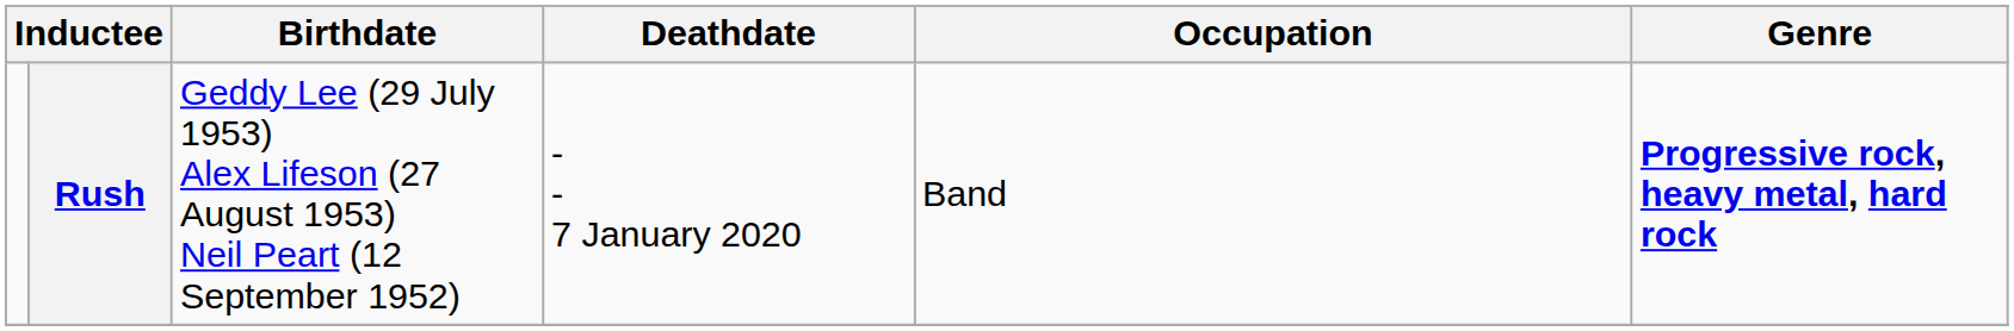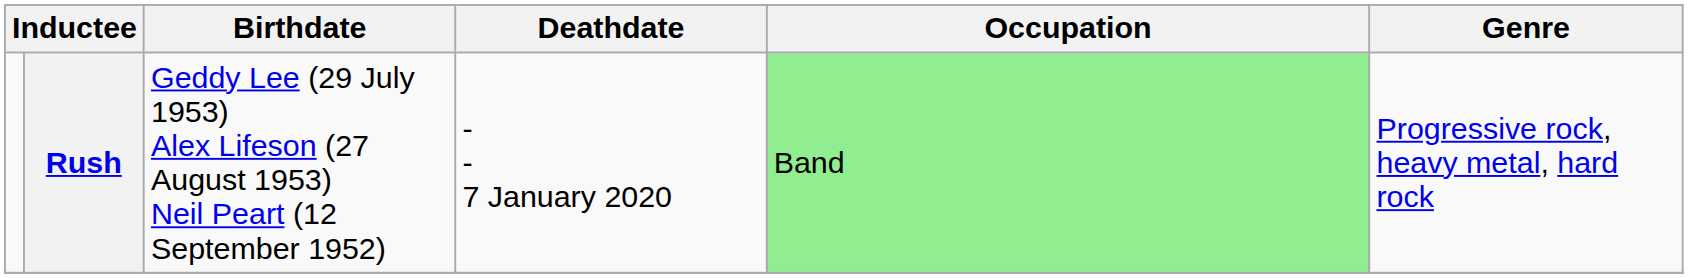 <table class="wikitable" width="100%">
 <tr>
 <th colspan=2>Inductee</th>
 <th width="20%">Birthdate</th>
 <th width="20%">Deathdate</th>
 <th width="40%">Occupation</th>
 <th width="40%">Genre</th>
 </tr>
 <tr>
 <td></td>
 <th><a href='#'>Rush</a></th>
 <td><a href='#'>Geddy Lee</a> (29 July 1953) <br> <a href='#'>Alex Lifeson</a> (27 August 1953) <br> <a href='#'>Neil Peart</a> (12 September 1952)</td>
 <td>- <br> - <br> 7 January 2020</td>
-<td>Band</td>
-<td><strong><a href='#'>Progressive rock</a>, <a href='#'>heavy metal</a>, <a href='#'>hard rock</a></strong></td>
+<td style="background: lightgreen;">Band</td>
+<td><a href='#'>Progressive rock</a>, <a href='#'>heavy metal</a>, <a href='#'>hard rock</a></td>
 </tr>
 <tr>
 </tr>
 </table>
